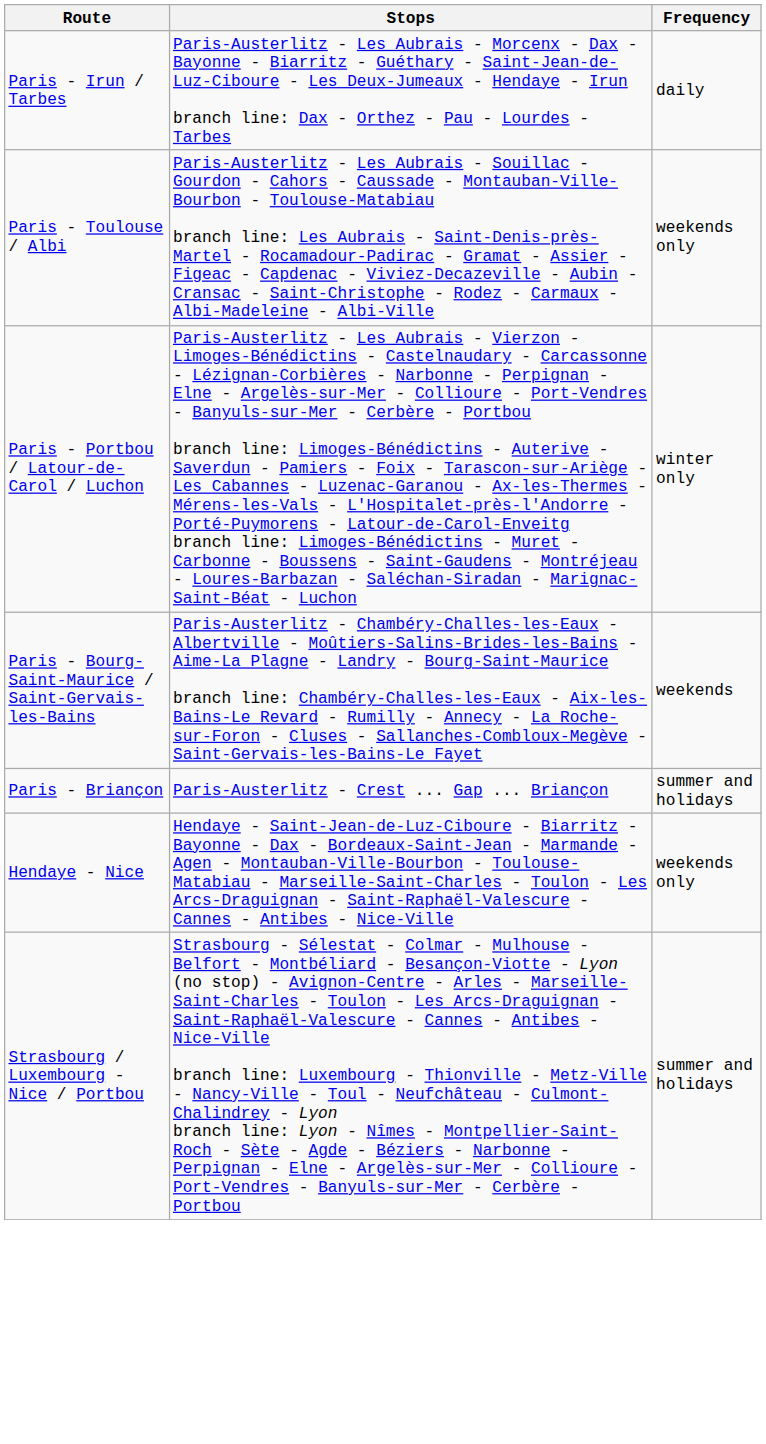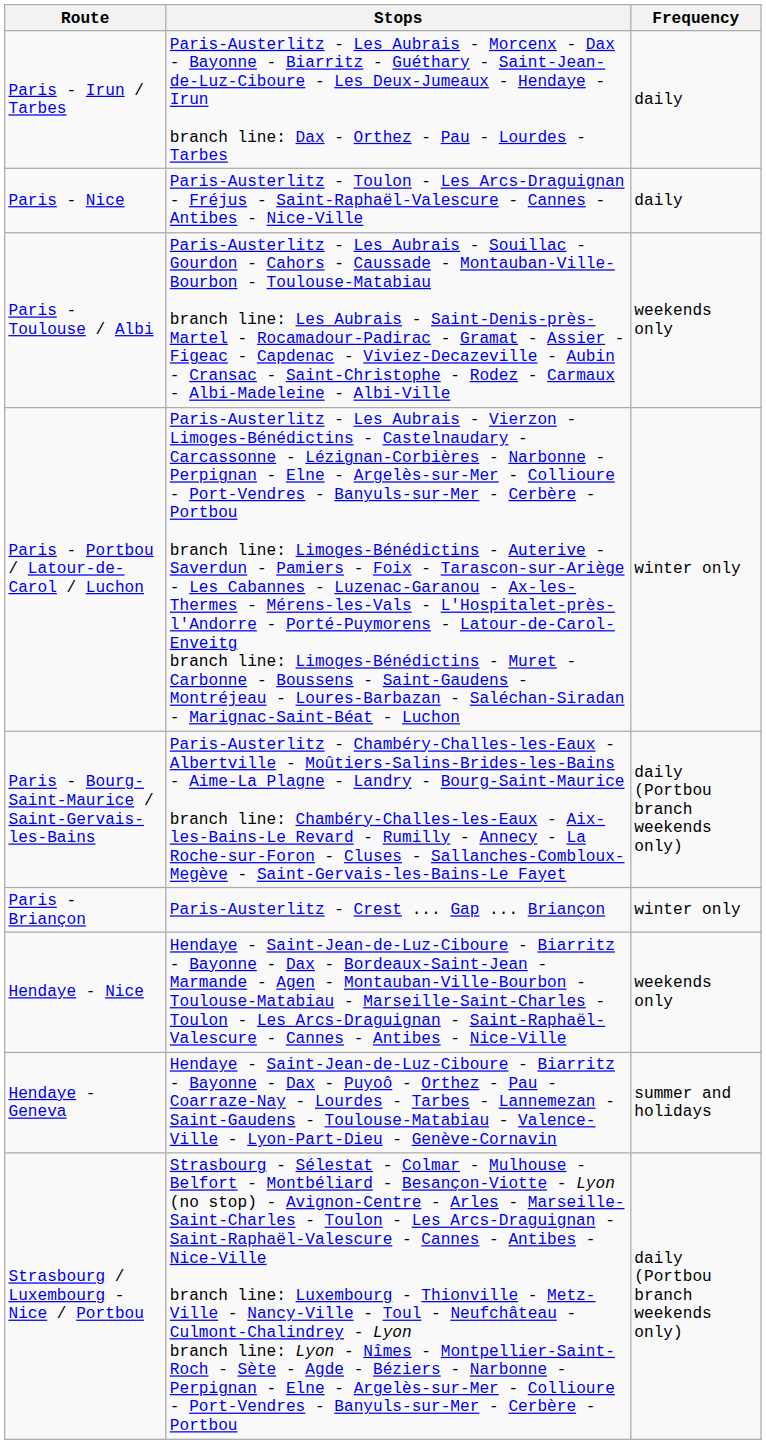 <table class="wikitable vatop">
 <tr>
 <th>Route</th>
 <th>Stops</th>
 <th>Frequency</th>
 </tr>
 <tr>
 <td><a href='#'>Paris</a> - <a href='#'>Irun</a> / <a href='#'>Tarbes</a></td>
 <td><a href='#'>Paris-Austerlitz</a> - <a href='#'>Les Aubrais</a> - <a href='#'>Morcenx</a> - <a href='#'>Dax</a> - <a href='#'>Bayonne</a> - <a href='#'>Biarritz</a> - <a href='#'>Guéthary</a> - <a href='#'>Saint-Jean-de-Luz-Ciboure</a> - <a href='#'>Les Deux-Jumeaux</a> - <a href='#'>Hendaye</a> - <a href='#'>Irun</a><br><br>branch line: <a href='#'>Dax</a> - <a href='#'>Orthez</a> - <a href='#'>Pau</a> - <a href='#'>Lourdes</a> - <a href='#'>Tarbes</a></td>
+<td>daily</td>
+</tr>
+<tr>
+<td><a href='#'>Paris</a> - <a href='#'>Nice</a></td>
+<td><a href='#'>Paris-Austerlitz</a> - <a href='#'>Toulon</a> - <a href='#'>Les Arcs-Draguignan</a> - <a href='#'>Fréjus</a> - <a href='#'>Saint-Raphaël-Valescure</a> - <a href='#'>Cannes</a> - <a href='#'>Antibes</a> - <a href='#'>Nice-Ville</a></td>
 <td>daily</td>
 </tr>
 <tr>
 <td><a href='#'>Paris</a> - <a href='#'>Toulouse</a> / <a href='#'>Albi</a></td>
 <td><a href='#'>Paris-Austerlitz</a> - <a href='#'>Les Aubrais</a> - <a href='#'>Souillac</a> - <a href='#'>Gourdon</a> - <a href='#'>Cahors</a> - <a href='#'>Caussade</a> - <a href='#'>Montauban-Ville-Bourbon</a> - <a href='#'>Toulouse-Matabiau</a><br><br>branch line: <a href='#'>Les Aubrais</a> - <a href='#'>Saint-Denis-près-Martel</a> - <a href='#'>Rocamadour-Padirac</a> - <a href='#'>Gramat</a> - <a href='#'>Assier</a> - <a href='#'>Figeac</a> - <a href='#'>Capdenac</a> - <a href='#'>Viviez-Decazeville</a> - <a href='#'>Aubin</a> - <a href='#'>Cransac</a> - <a href='#'>Saint-Christophe</a> - <a href='#'>Rodez</a> - <a href='#'>Carmaux</a> - <a href='#'>Albi-Madeleine</a> - <a href='#'>Albi-Ville</a></td>
 <td>weekends only</td>
 </tr>
 <tr>
 <td><a href='#'>Paris</a> - <a href='#'>Portbou</a> / <a href='#'>Latour-de-Carol</a> / <a href='#'>Luchon</a></td>
 <td><a href='#'>Paris-Austerlitz</a> - <a href='#'>Les Aubrais</a> - <a href='#'>Vierzon</a> - <a href='#'>Limoges-Bénédictins</a> - <a href='#'>Castelnaudary</a> - <a href='#'>Carcassonne</a> - <a href='#'>Lézignan-Corbières</a> - <a href='#'>Narbonne</a> - <a href='#'>Perpignan</a> - <a href='#'>Elne</a> - <a href='#'>Argelès-sur-Mer</a> - <a href='#'>Collioure</a> - <a href='#'>Port-Vendres</a> - <a href='#'>Banyuls-sur-Mer</a> - <a href='#'>Cerbère</a> - <a href='#'>Portbou</a><br><br>branch line: <a href='#'>Limoges-Bénédictins</a> - <a href='#'>Auterive</a> - <a href='#'>Saverdun</a> - <a href='#'>Pamiers</a> - <a href='#'>Foix</a> - <a href='#'>Tarascon-sur-Ariège</a> - <a href='#'>Les Cabannes</a> - <a href='#'>Luzenac-Garanou</a> - <a href='#'>Ax-les-Thermes</a> - <a href='#'>Mérens-les-Vals</a> - <a href='#'>L'Hospitalet-près-l'Andorre</a> - <a href='#'>Porté-Puymorens</a> - <a href='#'>Latour-de-Carol-Enveitg</a><br> branch line: <a href='#'>Limoges-Bénédictins</a> - <a href='#'>Muret</a> - <a href='#'>Carbonne</a> - <a href='#'>Boussens</a> - <a href='#'>Saint-Gaudens</a> - <a href='#'>Montréjeau</a> - <a href='#'>Loures-Barbazan</a> - <a href='#'>Saléchan-Siradan</a> - <a href='#'>Marignac-Saint-Béat</a> - <a href='#'>Luchon</a></td>
 <td>winter only</td>
 </tr>
 <tr>
 <td><a href='#'>Paris</a> - <a href='#'>Bourg-Saint-Maurice</a> / <a href='#'>Saint-Gervais-les-Bains</a></td>
 <td><a href='#'>Paris-Austerlitz</a> - <a href='#'>Chambéry-Challes-les-Eaux</a> - <a href='#'>Albertville</a> - <a href='#'>Moûtiers-Salins-Brides-les-Bains</a> - <a href='#'>Aime-La Plagne</a> - <a href='#'>Landry</a> - <a href='#'>Bourg-Saint-Maurice</a><br><br>branch line: <a href='#'>Chambéry-Challes-les-Eaux</a> - <a href='#'>Aix-les-Bains-Le Revard</a> - <a href='#'>Rumilly</a> - <a href='#'>Annecy</a> - <a href='#'>La Roche-sur-Foron</a> - <a href='#'>Cluses</a> - <a href='#'>Sallanches-Combloux-Megève</a> - <a href='#'>Saint-Gervais-les-Bains-Le Fayet</a></td>
-<td>weekends</td>
+<td>daily (Portbou branch weekends only)</td>
 </tr>
 <tr>
 <td><a href='#'>Paris</a> - <a href='#'>Briançon</a></td>
 <td><a href='#'>Paris-Austerlitz</a> - <a href='#'>Crest</a> ... <a href='#'>Gap</a> ... <a href='#'>Briançon</a></td>
-<td>summer and holidays</td>
+<td>winter only</td>
 </tr>
 <tr>
 <td><a href='#'>Hendaye</a> - <a href='#'>Nice</a></td>
 <td><a href='#'>Hendaye</a> - <a href='#'>Saint-Jean-de-Luz-Ciboure</a> - <a href='#'>Biarritz</a> - <a href='#'>Bayonne</a> - <a href='#'>Dax</a> - <a href='#'>Bordeaux-Saint-Jean</a> - <a href='#'>Marmande</a> - <a href='#'>Agen</a> - <a href='#'>Montauban-Ville-Bourbon</a> - <a href='#'>Toulouse-Matabiau</a> - <a href='#'>Marseille-Saint-Charles</a> - <a href='#'>Toulon</a> - <a href='#'>Les Arcs-Draguignan</a> - <a href='#'>Saint-Raphaël-Valescure</a> - <a href='#'>Cannes</a> - <a href='#'>Antibes</a> - <a href='#'>Nice-Ville</a></td>
 <td>weekends only</td>
 </tr>
 <tr>
+<td><a href='#'>Hendaye</a> - <a href='#'>Geneva</a></td>
+<td><a href='#'>Hendaye</a> - <a href='#'>Saint-Jean-de-Luz-Ciboure</a> - <a href='#'>Biarritz</a> - <a href='#'>Bayonne</a> - <a href='#'>Dax</a> - <a href='#'>Puyoô</a> - <a href='#'>Orthez</a> - <a href='#'>Pau</a> - <a href='#'>Coarraze-Nay</a> - <a href='#'>Lourdes</a> - <a href='#'>Tarbes</a> - <a href='#'>Lannemezan</a> - <a href='#'>Saint-Gaudens</a> - <a href='#'>Toulouse-Matabiau</a> - <a href='#'>Valence-Ville</a> - <a href='#'>Lyon-Part-Dieu</a> - <a href='#'>Genève-Cornavin</a></td>
+<td>summer and holidays</td>
+</tr>
+<tr>
 <td><a href='#'>Strasbourg</a> / <a href='#'>Luxembourg</a> - <a href='#'>Nice</a> / <a href='#'>Portbou</a></td>
 <td><a href='#'>Strasbourg</a> - <a href='#'>Sélestat</a> - <a href='#'>Colmar</a> - <a href='#'>Mulhouse</a> - <a href='#'>Belfort</a> - <a href='#'>Montbéliard</a> - <a href='#'>Besançon-Viotte</a> - <em>Lyon</em> (no stop) - <a href='#'>Avignon-Centre</a> - <a href='#'>Arles</a> - <a href='#'>Marseille-Saint-Charles</a> - <a href='#'>Toulon</a> - <a href='#'>Les Arcs-Draguignan</a> - <a href='#'>Saint-Raphaël-Valescure</a> - <a href='#'>Cannes</a> - <a href='#'>Antibes</a> - <a href='#'>Nice-Ville</a><br><br>branch line: <a href='#'>Luxembourg</a> - <a href='#'>Thionville</a> - <a href='#'>Metz-Ville</a> - <a href='#'>Nancy-Ville</a> - <a href='#'>Toul</a> - <a href='#'>Neufchâteau</a> - <a href='#'>Culmont-Chalindrey</a> - <em>Lyon</em><br> branch line: <em>Lyon</em> - <a href='#'>Nîmes</a> - <a href='#'>Montpellier-Saint-Roch</a> - <a href='#'>Sète</a> - <a href='#'>Agde</a> - <a href='#'>Béziers</a> - <a href='#'>Narbonne</a> - <a href='#'>Perpignan</a> - <a href='#'>Elne</a> - <a href='#'>Argelès-sur-Mer</a> - <a href='#'>Collioure</a> - <a href='#'>Port-Vendres</a> - <a href='#'>Banyuls-sur-Mer</a> - <a href='#'>Cerbère</a> - <a href='#'>Portbou</a></td>
-<td>summer and holidays</td>
+<td>daily (Portbou branch weekends only)</td>
 </tr>
 </table>
